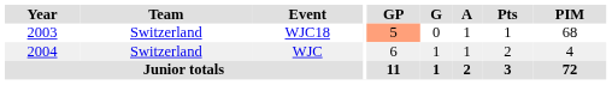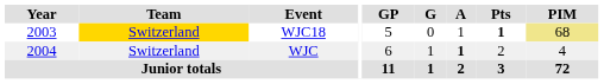 <table border="0" cellpadding="1" cellspacing="0" ID="Table3" style="text-align:center; width:40em">
 <tr ALIGN="center" bgcolor="#e0e0e0">
 <th>Year</th>
 <th>Team</th>
 <th>Event</th>
 <th rowspan="99" bgcolor="#ffffff"></th>
 <th>GP</th>
 <th>G</th>
 <th>A</th>
 <th>Pts</th>
 <th>PIM</th>
 </tr>
 <tr>
 <td><a href='#'>2003</a></td>
-<td><a href='#'>Switzerland</a></td>
+<td style="background: gold;"><a href='#'>Switzerland</a></td>
 <td><a href='#'>WJC18</a></td>
-<td style="background: lightsalmon;">5</td>
+<td>5</td>
 <td>0</td>
 <td>1</td>
-<td>1</td>
-<td>68</td>
+<td><strong>1</strong></td>
+<td style="background: khaki;">68</td>
 </tr>
 <tr bgcolor="#f0f0f0">
 <td><a href='#'>2004</a></td>
 <td><a href='#'>Switzerland</a></td>
 <td><a href='#'>WJC</a></td>
 <td>6</td>
 <td>1</td>
-<td>1</td>
+<td><strong>1</strong></td>
 <td>2</td>
 <td>4</td>
 </tr>
 <tr bgcolor="#e0e0e0">
 <th colspan="3">Junior totals</th>
 <th>11</th>
 <th>1</th>
 <th>2</th>
 <th>3</th>
 <th>72</th>
 </tr>
 </table>
